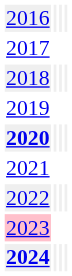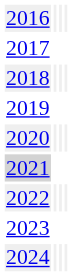 <table>
 <tr bgcolor="#EFEFEF">
 <td><a href='#'>2016</a></td>
 <td></td>
 <td></td>
 <td></td>
 </tr>
 <tr>
 <td><a href='#'>2017</a></td>
 <td></td>
 <td></td>
 <td></td>
 </tr>
 <tr bgcolor="#EFEFEF">
 <td><a href='#'>2018</a></td>
 <td></td>
 <td></td>
 <td></td>
 </tr>
 <tr>
 <td><a href='#'>2019</a></td>
 <td></td>
 <td></td>
 <td></td>
 </tr>
 <tr bgcolor="#EFEFEF">
-<td><strong><a href='#'>2020</a></strong></td>
+<td><a href='#'>2020</a></td>
 <td></td>
 <td></td>
 <td></td>
 </tr>
 <tr>
-<td><a href='#'>2021</a><br></td>
+<td style="background: lightgrey;"><a href='#'>2021</a><br></td>
 <td></td>
 <td></td>
 <td></td>
 </tr>
 <tr bgcolor="#EFEFEF">
 <td><a href='#'>2022</a><br></td>
 <td></td>
 <td></td>
 <td></td>
 </tr>
 <tr>
-<td style="background: pink;"><a href='#'>2023</a><br></td>
+<td><a href='#'>2023</a><br></td>
 <td></td>
 <td></td>
 <td></td>
 </tr>
 <tr bgcolor="#EFEFEF">
-<td><strong><a href='#'>2024</a><br></strong></td>
+<td><a href='#'>2024</a><br></td>
 <td></td>
 <td></td>
 <td></td>
 </tr>
 </table>
